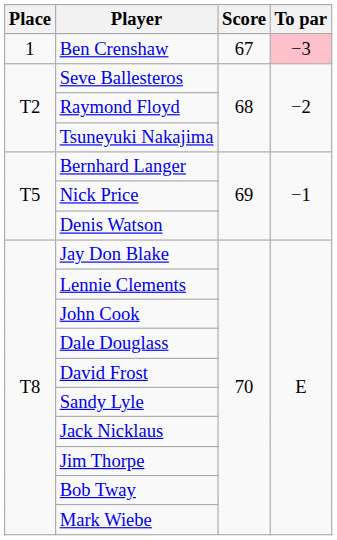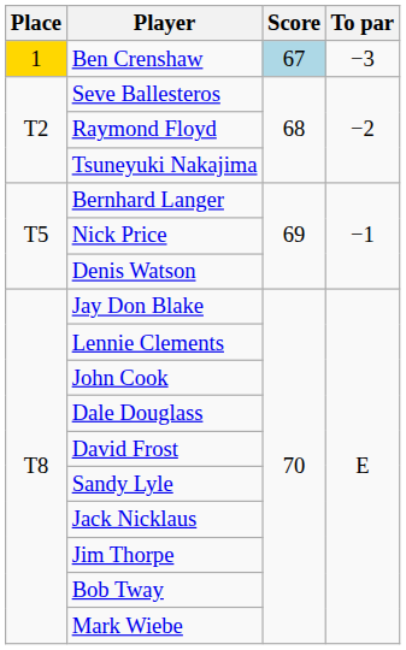 <table class="wikitable">
 <tr>
 <th>Place</th>
 <th>Player</th>
 <th>Score</th>
 <th>To par</th>
 </tr>
 <tr>
-<td align=center>1</td>
+<td align=center style="background: gold;">1</td>
 <td> <a href='#'>Ben Crenshaw</a></td>
-<td align=center>67</td>
-<td align=center style="background: pink;">−3</td>
+<td align=center style="background: lightblue;">67</td>
+<td align=center>−3</td>
 </tr>
 <tr>
 <td rowspan="3" align=center>T2</td>
 <td> <a href='#'>Seve Ballesteros</a></td>
 <td rowspan="3" align=center>68</td>
 <td rowspan="3" align=center>−2</td>
 </tr>
 <tr>
 <td> <a href='#'>Raymond Floyd</a></td>
 </tr>
 <tr>
 <td> <a href='#'>Tsuneyuki Nakajima</a></td>
 </tr>
 <tr>
 <td rowspan="3" align=center>T5</td>
 <td> <a href='#'>Bernhard Langer</a></td>
 <td rowspan="3" align=center>69</td>
 <td rowspan="3" align=center>−1</td>
 </tr>
 <tr>
 <td> <a href='#'>Nick Price</a></td>
 </tr>
 <tr>
 <td> <a href='#'>Denis Watson</a></td>
 </tr>
 <tr>
 <td rowspan="10" align=center>T8</td>
 <td> <a href='#'>Jay Don Blake</a></td>
 <td rowspan="10" align=center>70</td>
 <td rowspan="10" align=center>E</td>
 </tr>
 <tr>
 <td> <a href='#'>Lennie Clements</a></td>
 </tr>
 <tr>
 <td> <a href='#'>John Cook</a></td>
 </tr>
 <tr>
 <td> <a href='#'>Dale Douglass</a></td>
 </tr>
 <tr>
 <td> <a href='#'>David Frost</a></td>
 </tr>
 <tr>
 <td> <a href='#'>Sandy Lyle</a></td>
 </tr>
 <tr>
 <td> <a href='#'>Jack Nicklaus</a></td>
 </tr>
 <tr>
 <td> <a href='#'>Jim Thorpe</a></td>
 </tr>
 <tr>
 <td> <a href='#'>Bob Tway</a></td>
 </tr>
 <tr>
 <td> <a href='#'>Mark Wiebe</a></td>
 </tr>
 </table>
